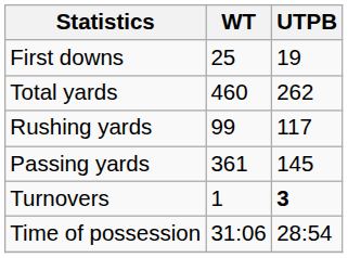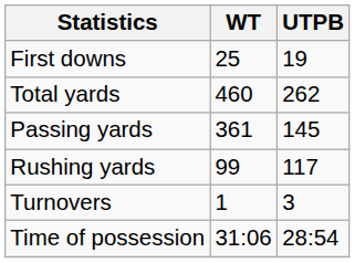 <table class="wikitable">
 <tr>
 <th>Statistics</th>
 <th>WT</th>
 <th>UTPB</th>
 </tr>
 <tr>
 <td>First downs</td>
 <td>25</td>
 <td>19</td>
 </tr>
 <tr>
 <td>Total yards</td>
 <td>460</td>
 <td>262</td>
 </tr>
 <tr>
+<td>Passing yards</td>
+<td>361</td>
+<td>145</td>
+</tr>
+<tr>
 <td>Rushing yards</td>
 <td>99</td>
 <td>117</td>
 </tr>
 <tr>
-<td>Passing yards</td>
-<td>361</td>
-<td>145</td>
-</tr>
-<tr>
 <td>Turnovers</td>
 <td>1</td>
-<td><strong>3</strong></td>
+<td>3</td>
 </tr>
 <tr>
 <td>Time of possession</td>
 <td>31:06</td>
 <td>28:54</td>
 </tr>
 <tr>
 </tr>
 </table>
